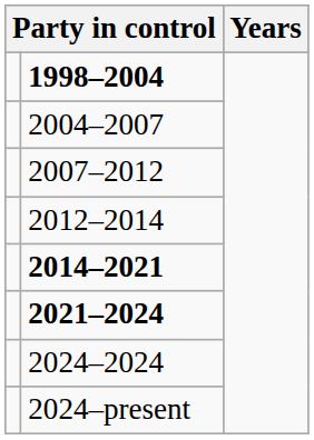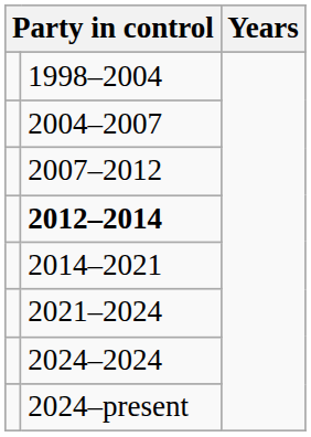 <table class="wikitable">
 <tr>
 <th colspan="2">Party in control</th>
 <th>Years</th>
 </tr>
 <tr>
 <td></td>
-<td><strong>1998–2004</strong></td>
+<td>1998–2004</td>
 </tr>
 <tr>
 <td></td>
 <td>2004–2007</td>
 </tr>
 <tr>
 <td></td>
 <td>2007–2012</td>
 </tr>
 <tr>
 <td></td>
-<td>2012–2014</td>
+<td><strong>2012–2014</strong></td>
 </tr>
 <tr>
 <td></td>
-<td><strong>2014–2021</strong></td>
+<td>2014–2021</td>
 </tr>
 <tr>
 <td></td>
-<td><strong>2021–2024</strong></td>
+<td>2021–2024</td>
 </tr>
 <tr>
 <td></td>
 <td>2024–2024</td>
 </tr>
 <tr>
 <td></td>
 <td>2024–present</td>
 </tr>
 </table>
